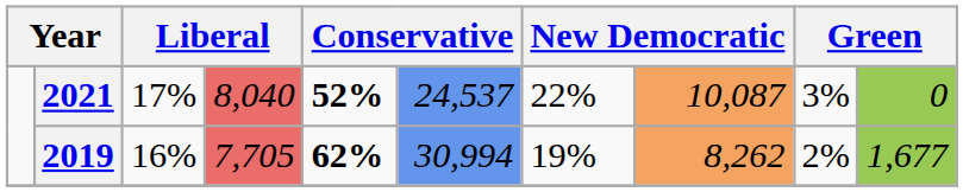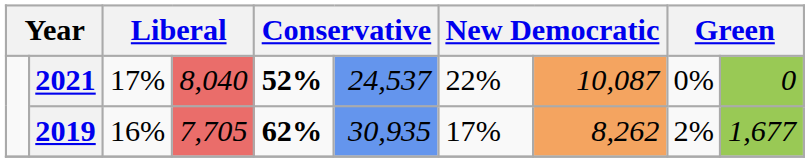 <table class="wikitable" style="float:right; width:400; font-size:90%; margin-left:1em;">
 <tr>
 <th colspan="2" scope="col">Year</th>
 <th colspan="2" scope="col"><a href='#'>Liberal</a></th>
 <th colspan="2" scope="col"><a href='#'>Conservative</a></th>
 <th colspan="2" scope="col"><a href='#'>New Democratic</a></th>
 <th colspan="2" scope="col"><a href='#'>Green</a></th>
 </tr>
 <tr>
 <td rowspan="2" style="width: 0.25em; background-color: "></td>
 <th><a href='#'>2021</a></th>
 <td>17%</td>
 <td style="text-align:right; background:#EA6D6A;"><em>8,040</em></td>
 <td><strong>52%</strong></td>
 <td style="text-align:right; background:#6495ED;"><em>24,537</em></td>
 <td>22%</td>
 <td style="text-align:right; background:#F4A460;"><em>10,087</em></td>
-<td>3%</td>
+<td>0%</td>
 <td style="text-align:right; background:#99C955;"><em>0</em></td>
 </tr>
 <tr>
 <th><a href='#'>2019</a></th>
 <td>16%</td>
 <td style="text-align:right; background:#EA6D6A;"><em>7,705</em></td>
 <td><strong>62%</strong></td>
-<td style="text-align:right; background:#6495ED;"><em>30,994</em></td>
-<td>19%</td>
+<td style="text-align:right; background:#6495ED;"><em>30,935</em></td>
+<td>17%</td>
 <td style="text-align:right; background:#F4A460;"><em>8,262</em></td>
 <td>2%</td>
 <td style="text-align:right; background:#99C955;"><em>1,677</em></td>
 </tr>
 <tr>
 </tr>
 </table>
